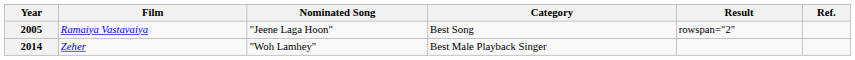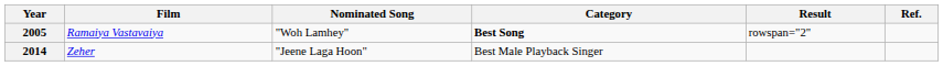 <table class="wikitable plainrowheaders" width="100%" "textcolor:#000;">
 <tr>
 <th>Year</th>
 <th>Film</th>
 <th>Nominated Song</th>
 <th>Category</th>
 <th>Result</th>
 <th>Ref.</th>
 </tr>
 <tr>
 <th>2005</th>
 <td><em><a href='#'>Ramaiya Vastavaiya</a></em></td>
-<td>"Jeene Laga Hoon"</td>
-<td>Best Song</td>
+<td>"Woh Lamhey"</td>
+<td><strong>Best Song</strong></td>
 <td>rowspan="2" </td>
 <td></td>
 </tr>
 <tr>
 <th>2014</th>
 <td><em><a href='#'>Zeher</a></em></td>
-<td>"Woh Lamhey"</td>
+<td>"Jeene Laga Hoon"</td>
 <td>Best Male Playback Singer</td>
 <td></td>
 </tr>
 </table>
